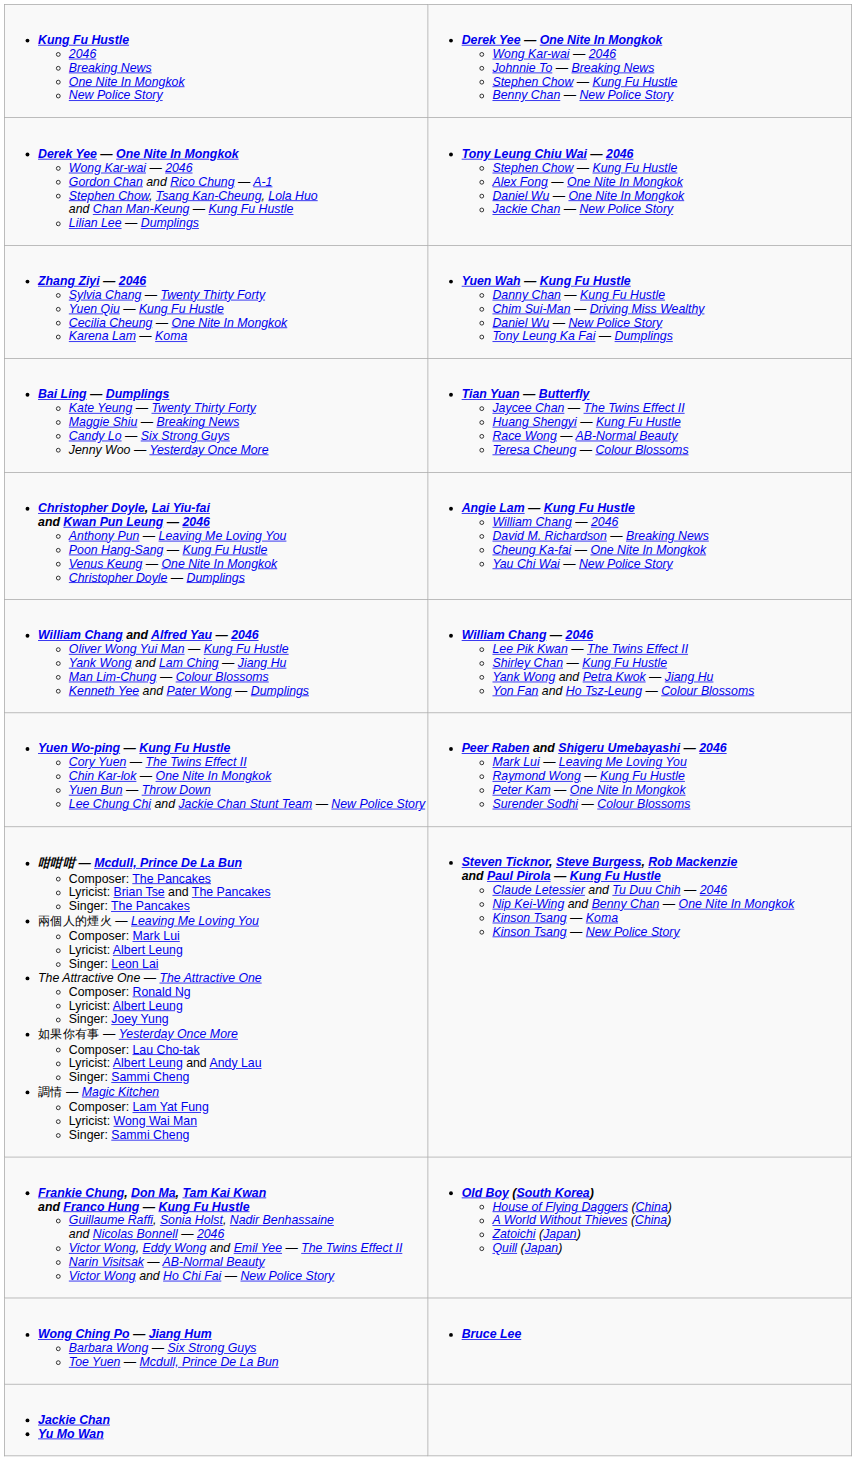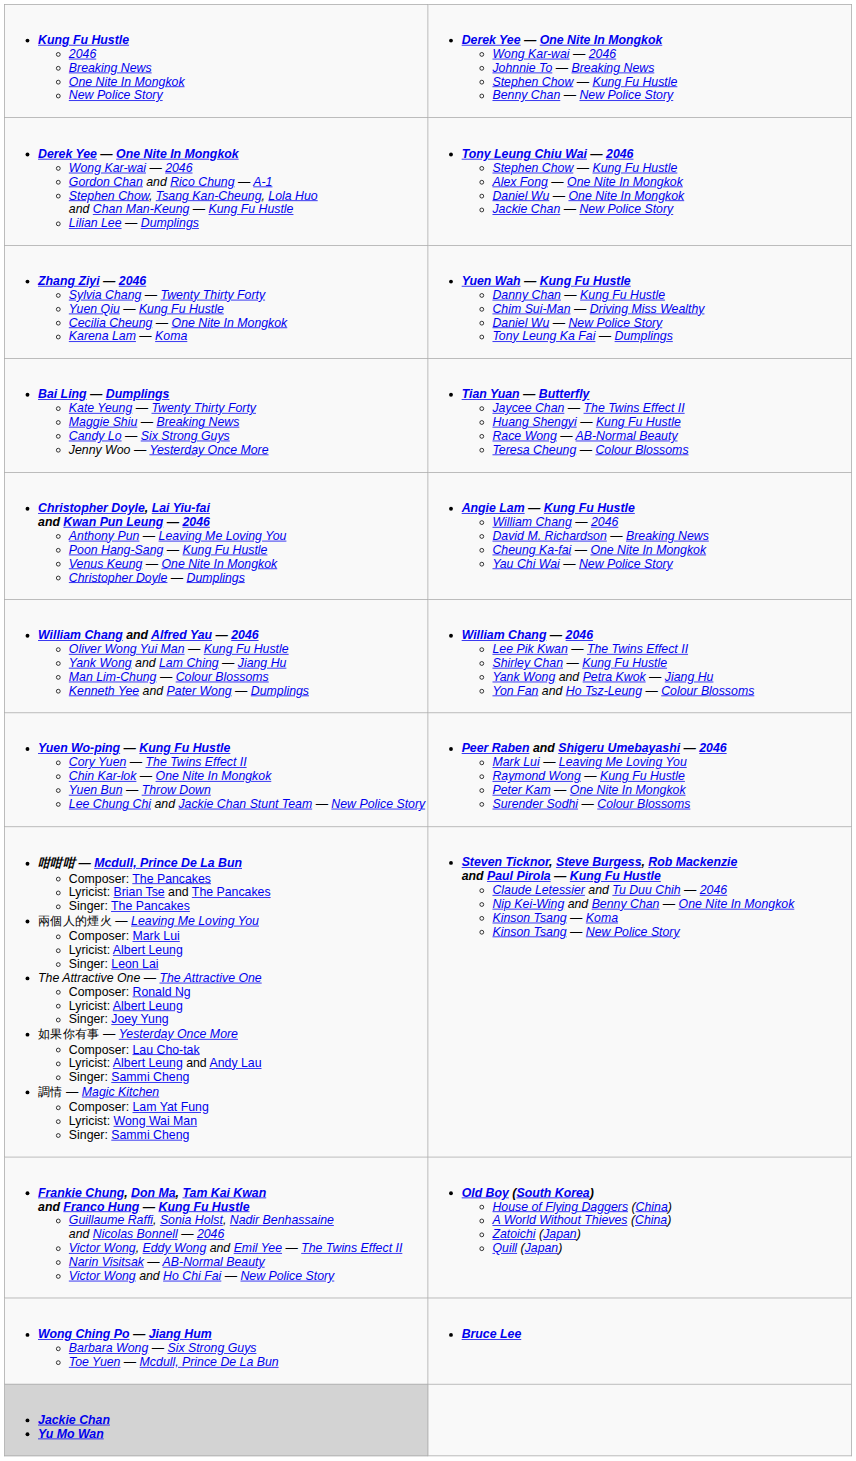 <table class=wikitable>
 <tr>
 <td valign="top" width="50%"><br><ul><li><strong><em><a href='#'>Kung Fu Hustle</a></em></strong><ul><li><em><a href='#'>2046</a></em></li><li><em><a href='#'>Breaking News</a></em></li><li><em><a href='#'>One Nite In Mongkok</a></em></li><li><em><a href='#'>New Police Story</a></em></li></ul></li></ul></td>
 <td valign="top" width="50%"><br><ul><li><strong><em><a href='#'>Derek Yee</a> — <a href='#'>One Nite In Mongkok</a></em></strong><ul><li><em><a href='#'>Wong Kar-wai</a> — <a href='#'>2046</a></em></li><li><em><a href='#'>Johnnie To</a> — <a href='#'>Breaking News</a></em></li><li><em><a href='#'>Stephen Chow</a> — <a href='#'>Kung Fu Hustle</a></em></li><li><em><a href='#'>Benny Chan</a> — <a href='#'>New Police Story</a></em></li></ul></li></ul></td>
 </tr>
 <tr>
 <td valign="top" width="50%"><br><ul><li><strong><em><a href='#'>Derek Yee</a> — <a href='#'>One Nite In Mongkok</a></em></strong><ul><li><em><a href='#'>Wong Kar-wai</a> — <a href='#'>2046</a></em></li><li><em><a href='#'>Gordon Chan</a> and <a href='#'>Rico Chung</a> — <a href='#'>A-1</a></em></li><li><em><a href='#'>Stephen Chow</a>, <a href='#'>Tsang Kan-Cheung</a>, <a href='#'>Lola Huo</a> <br> and <a href='#'>Chan Man-Keung</a> — <a href='#'>Kung Fu Hustle</a></em></li><li><em><a href='#'>Lilian Lee</a> — <a href='#'>Dumplings</a></em></li></ul></li></ul></td>
 <td valign="top" width="50%"><br><ul><li><strong><em><a href='#'>Tony Leung Chiu Wai</a> — <a href='#'>2046</a></em></strong><ul><li><em><a href='#'>Stephen Chow</a> — <a href='#'>Kung Fu Hustle</a></em></li><li><em><a href='#'>Alex Fong</a> — <a href='#'>One Nite In Mongkok</a></em></li><li><em><a href='#'>Daniel Wu</a> — <a href='#'>One Nite In Mongkok</a></em></li><li><em><a href='#'>Jackie Chan</a> — <a href='#'>New Police Story</a></em></li></ul></li></ul></td>
 </tr>
 <tr>
 <td valign="top" width="50%"><br><ul><li><strong><em><a href='#'>Zhang Ziyi</a> — <a href='#'>2046</a></em></strong><ul><li><em><a href='#'>Sylvia Chang</a> — <a href='#'>Twenty Thirty Forty</a></em></li><li><em><a href='#'>Yuen Qiu</a> — <a href='#'>Kung Fu Hustle</a></em></li><li><em><a href='#'>Cecilia Cheung</a> — <a href='#'>One Nite In Mongkok</a></em></li><li><em><a href='#'>Karena Lam</a> — <a href='#'>Koma</a></em></li></ul></li></ul></td>
 <td valign="top" width="50%"><br><ul><li><strong><em><a href='#'>Yuen Wah</a> — <a href='#'>Kung Fu Hustle</a></em></strong><ul><li><em><a href='#'>Danny Chan</a> — <a href='#'>Kung Fu Hustle</a></em></li><li><em><a href='#'>Chim Sui-Man</a> — <a href='#'>Driving Miss Wealthy</a></em></li><li><em><a href='#'>Daniel Wu</a> — <a href='#'>New Police Story</a></em></li><li><em><a href='#'>Tony Leung Ka Fai</a> — <a href='#'>Dumplings</a></em></li></ul></li></ul></td>
 </tr>
 <tr>
 <td valign="top" width="50%"><br><ul><li><strong><em><a href='#'>Bai Ling</a> — <a href='#'>Dumplings</a></em></strong><ul><li><em><a href='#'>Kate Yeung</a> — <a href='#'>Twenty Thirty Forty</a></em></li><li><em><a href='#'>Maggie Shiu</a> — <a href='#'>Breaking News</a></em></li><li><em><a href='#'>Candy Lo</a> — <a href='#'>Six Strong Guys</a></em></li><li><em>Jenny Woo — <a href='#'>Yesterday Once More</a></em></li></ul></li></ul></td>
 <td valign="top" width="50%"><br><ul><li><strong><em><a href='#'>Tian Yuan</a> — <a href='#'>Butterfly</a></em></strong><ul><li><em><a href='#'>Jaycee Chan</a> — <a href='#'>The Twins Effect II</a></em></li><li><em><a href='#'>Huang Shengyi</a> — <a href='#'>Kung Fu Hustle</a></em></li><li><em><a href='#'>Race Wong</a> — <a href='#'>AB-Normal Beauty</a></em></li><li><em><a href='#'>Teresa Cheung</a> — <a href='#'>Colour Blossoms</a></em></li></ul></li></ul></td>
 </tr>
 <tr>
 <td valign="top" width="50%"><br><ul><li><strong><em><a href='#'>Christopher Doyle</a>, <a href='#'>Lai Yiu-fai</a> <br> and <a href='#'>Kwan Pun Leung</a> — <a href='#'>2046</a></em></strong><ul><li><em><a href='#'>Anthony Pun</a> — <a href='#'>Leaving Me Loving You</a></em></li><li><em><a href='#'>Poon Hang-Sang</a> — <a href='#'>Kung Fu Hustle</a></em></li><li><em><a href='#'>Venus Keung</a> — <a href='#'>One Nite In Mongkok</a></em></li><li><em><a href='#'>Christopher Doyle</a> — <a href='#'>Dumplings</a></em></li></ul></li></ul></td>
 <td valign="top" width="50%"><br><ul><li><strong><em><a href='#'>Angie Lam</a> — <a href='#'>Kung Fu Hustle</a></em></strong><ul><li><em><a href='#'>William Chang</a> — <a href='#'>2046</a></em></li><li><em><a href='#'>David M. Richardson</a> — <a href='#'>Breaking News</a></em></li><li><em><a href='#'>Cheung Ka-fai</a> — <a href='#'>One Nite In Mongkok</a></em></li><li><em><a href='#'>Yau Chi Wai</a> — <a href='#'>New Police Story</a></em></li></ul></li></ul></td>
 </tr>
 <tr>
 <td valign="top" width="50%"><br><ul><li><strong><em><a href='#'>William Chang</a> and <a href='#'>Alfred Yau</a> — <a href='#'>2046</a></em></strong><ul><li><em><a href='#'>Oliver Wong Yui Man</a> — <a href='#'>Kung Fu Hustle</a></em></li><li><em><a href='#'>Yank Wong</a> and <a href='#'>Lam Ching</a> — <a href='#'>Jiang Hu</a></em></li><li><em><a href='#'>Man Lim-Chung</a> — <a href='#'>Colour Blossoms</a></em></li><li><em><a href='#'>Kenneth Yee</a> and <a href='#'>Pater Wong</a> — <a href='#'>Dumplings</a></em></li></ul></li></ul></td>
 <td valign="top" width="50%"><br><ul><li><strong><em><a href='#'>William Chang</a> — <a href='#'>2046</a></em></strong><ul><li><em><a href='#'>Lee Pik Kwan</a> — <a href='#'>The Twins Effect II</a></em></li><li><em><a href='#'>Shirley Chan</a> — <a href='#'>Kung Fu Hustle</a></em></li><li><em><a href='#'>Yank Wong</a> and <a href='#'>Petra Kwok</a> — <a href='#'>Jiang Hu</a></em></li><li><em><a href='#'>Yon Fan</a> and <a href='#'>Ho Tsz-Leung</a> — <a href='#'>Colour Blossoms</a></em></li></ul></li></ul></td>
 </tr>
 <tr>
 <td valign="top" width="50%"><br><ul><li><strong><em><a href='#'>Yuen Wo-ping</a> — <a href='#'>Kung Fu Hustle</a></em></strong><ul><li><em><a href='#'>Cory Yuen</a> — <a href='#'>The Twins Effect II</a></em></li><li><em><a href='#'>Chin Kar-lok</a> — <a href='#'>One Nite In Mongkok</a></em></li><li><em><a href='#'>Yuen Bun</a> — <a href='#'>Throw Down</a></em></li><li><em><a href='#'>Lee Chung Chi</a> and <a href='#'>Jackie Chan Stunt Team</a> — <a href='#'>New Police Story</a></em></li></ul></li></ul></td>
 <td valign="top" width="50%"><br><ul><li><strong><em><a href='#'>Peer Raben</a> and <a href='#'>Shigeru Umebayashi</a> — <a href='#'>2046</a></em></strong><ul><li><em><a href='#'>Mark Lui</a> — <a href='#'>Leaving Me Loving You</a></em></li><li><em><a href='#'>Raymond Wong</a> — <a href='#'>Kung Fu Hustle</a></em></li><li><em><a href='#'>Peter Kam</a> — <a href='#'>One Nite In Mongkok</a></em></li><li><em><a href='#'>Surender Sodhi</a> — <a href='#'>Colour Blossoms</a></em></li></ul></li></ul></td>
 </tr>
 <tr>
 <td valign="top" width="50%"><br><ul><li><strong><em>咁咁咁 —  <a href='#'>Mcdull, Prince De La Bun</a></em></strong><ul><li>Composer: <a href='#'>The Pancakes</a></li><li>Lyricist: <a href='#'>Brian Tse</a> and <a href='#'>The Pancakes</a></li><li>Singer: <a href='#'>The Pancakes</a></li></ul></li><li>兩個人的煙火 — <em><a href='#'>Leaving Me Loving You</a></em><ul><li>Composer: <a href='#'>Mark Lui</a></li><li>Lyricist: <a href='#'>Albert Leung</a></li><li>Singer: <a href='#'>Leon Lai</a></li></ul></li><li><em>The Attractive One</em> — <em><a href='#'>The Attractive One</a></em><ul><li>Composer: <a href='#'>Ronald Ng</a></li><li>Lyricist: <a href='#'>Albert Leung</a></li><li>Singer: <a href='#'>Joey Yung</a></li></ul></li><li>如果你有事 — <em><a href='#'>Yesterday Once More</a></em><ul><li>Composer: <a href='#'>Lau Cho-tak</a></li><li>Lyricist: <a href='#'>Albert Leung</a> and <a href='#'>Andy Lau</a></li><li>Singer: <a href='#'>Sammi Cheng</a></li></ul></li><li>調情 — <em><a href='#'>Magic Kitchen</a></em><ul><li>Composer: <a href='#'>Lam Yat Fung</a></li><li>Lyricist: <a href='#'>Wong Wai Man</a></li><li>Singer: <a href='#'>Sammi Cheng</a></li></ul></li></ul></td>
 <td valign="top" width="50%"><br><ul><li><strong><em><a href='#'>Steven Ticknor</a>, <a href='#'>Steve Burgess</a>, <a href='#'>Rob Mackenzie</a> <br> and <a href='#'>Paul Pirola</a> — <a href='#'>Kung Fu Hustle</a></em></strong><ul><li><em><a href='#'>Claude Letessier</a> and <a href='#'>Tu Duu Chih</a> — <a href='#'>2046</a></em></li><li><em><a href='#'>Nip Kei-Wing</a> and <a href='#'>Benny Chan</a> — <a href='#'>One Nite In Mongkok</a></em></li><li><em><a href='#'>Kinson Tsang</a> — <a href='#'>Koma</a></em></li><li><em><a href='#'>Kinson Tsang</a> — <a href='#'>New Police Story</a></em></li></ul></li></ul></td>
 </tr>
 <tr>
 <td valign="top" width="50%"><br><ul><li><strong><em><a href='#'>Frankie Chung</a>, <a href='#'>Don Ma</a>, <a href='#'>Tam Kai Kwan</a> <br> and <a href='#'>Franco Hung</a> — <a href='#'>Kung Fu Hustle</a></em></strong><ul><li><em><a href='#'>Guillaume Raffi</a>, <a href='#'>Sonia Holst</a>, <a href='#'>Nadir Benhassaine</a> <br> and <a href='#'>Nicolas Bonnell</a> — <a href='#'>2046</a></em></li><li><em><a href='#'>Victor Wong</a>, <a href='#'>Eddy Wong</a> and <a href='#'>Emil Yee</a> — <a href='#'>The Twins Effect II</a></em></li><li><em><a href='#'>Narin Visitsak</a> — <a href='#'>AB-Normal Beauty</a></em></li><li><em><a href='#'>Victor Wong</a> and <a href='#'>Ho Chi Fai</a> — <a href='#'>New Police Story</a></em></li></ul></li></ul></td>
 <td valign="top" width="50%"><br><ul><li><strong><em><a href='#'>Old Boy</a> (<a href='#'>South Korea</a>)</em></strong><ul><li><em><a href='#'>House of Flying Daggers</a> (<a href='#'>China</a>)</em></li><li><em><a href='#'>A World Without Thieves</a> (<a href='#'>China</a>)</em></li><li><em><a href='#'>Zatoichi</a> (<a href='#'>Japan</a>)</em></li><li><em><a href='#'>Quill</a> (<a href='#'>Japan</a>)</em></li></ul></li></ul></td>
 </tr>
 <tr>
 <td valign="top" width="50%"><br><ul><li><strong><em><a href='#'>Wong Ching Po</a> — <a href='#'>Jiang Hum</a></em></strong><ul><li><em><a href='#'>Barbara Wong</a> — <a href='#'>Six Strong Guys</a></em></li><li><em><a href='#'>Toe Yuen</a> — <a href='#'>Mcdull, Prince De La Bun</a></em></li></ul></li></ul></td>
 <td valign="top" width="50%"><br><ul><li><strong><em> <a href='#'>Bruce Lee</a></em></strong></li></ul></td>
 </tr>
 <tr>
-<td valign="top" width="50%"><br><ul><li><strong><em> <a href='#'>Jackie Chan</a></em></strong></li><li><strong><em> <a href='#'>Yu Mo Wan</a></em></strong></li></ul></td>
+<td valign="top" width="50%" style="background: lightgrey;"><br><ul><li><strong><em> <a href='#'>Jackie Chan</a></em></strong></li><li><strong><em> <a href='#'>Yu Mo Wan</a></em></strong></li></ul></td>
 </tr>
 </table>
